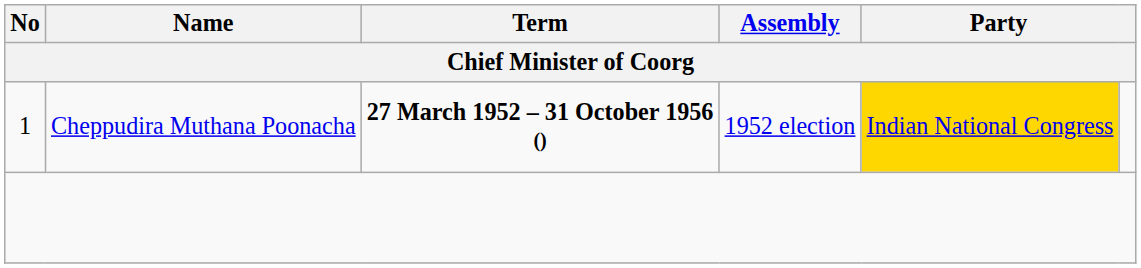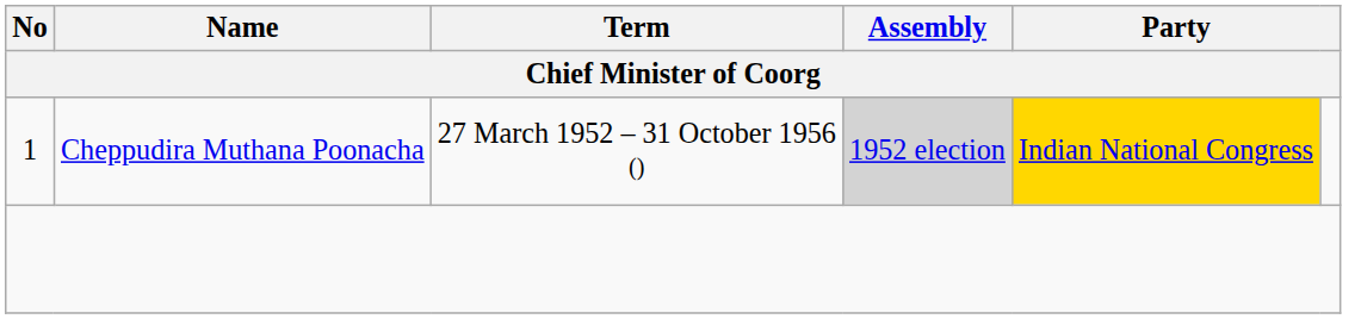 <table class="wikitable" style="text-align:center">
 <tr>
 <th scope=col>No</th>
 <th scope=col>Name</th>
 <th scope=col>Term<br></th>
 <th scope=col><a href='#'>Assembly</a><br></th>
 <th scope=col colspan=2>Party</th>
 </tr>
 <tr>
 <th colspan=6>Chief Minister of Coorg</th>
 </tr>
 <tr style="height: 60px;">
 <td>1</td>
 <td scope="row"><a href='#'>Cheppudira Muthana Poonacha</a></td>
-<td><strong>27 March 1952 – 31 October 1956<br><small>()</small></strong></td>
-<td><a href='#'>1952 election</a></td>
+<td>27 March 1952 – 31 October 1956<br><small>()</small></td>
+<td style="background: lightgrey;"><a href='#'>1952 election</a></td>
 <td style="background: gold;"><a href='#'>Indian National Congress</a></td>
 <td width="4px" style="background-color: "></td>
 </tr>
 <tr style="height: 60px;">
 </tr>
 <tr>
 </tr>
 </table>
